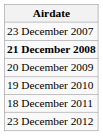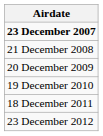 <table class="wikitable">
 <tr>
 <th>Airdate</th>
 </tr>
 <tr>
-<td>23 December 2007</td>
+<td><strong>23 December 2007</strong></td>
 </tr>
 <tr>
-<td><strong>21 December 2008</strong></td>
+<td>21 December 2008</td>
 </tr>
 <tr>
 <td>20 December 2009</td>
 </tr>
 <tr>
 <td>19 December 2010</td>
 </tr>
 <tr>
 <td>18 December 2011</td>
 </tr>
 <tr>
 <td>23 December 2012</td>
 </tr>
 </table>
